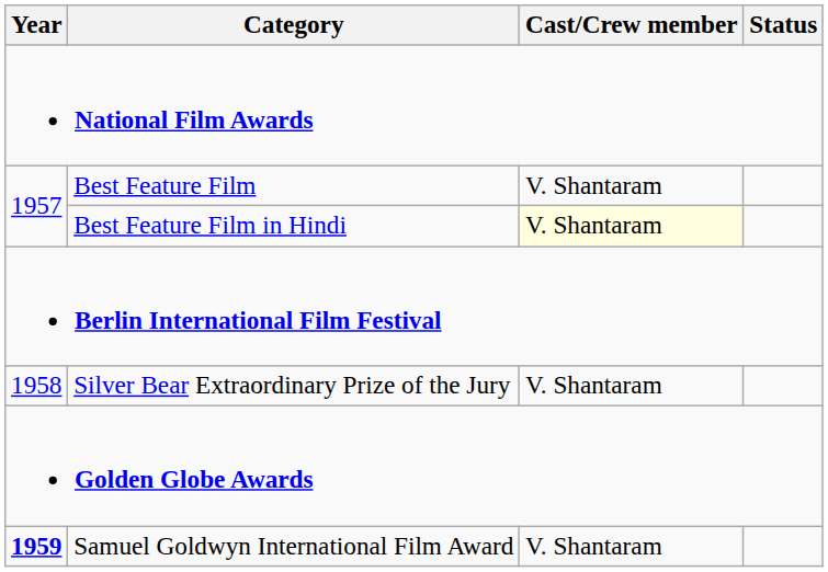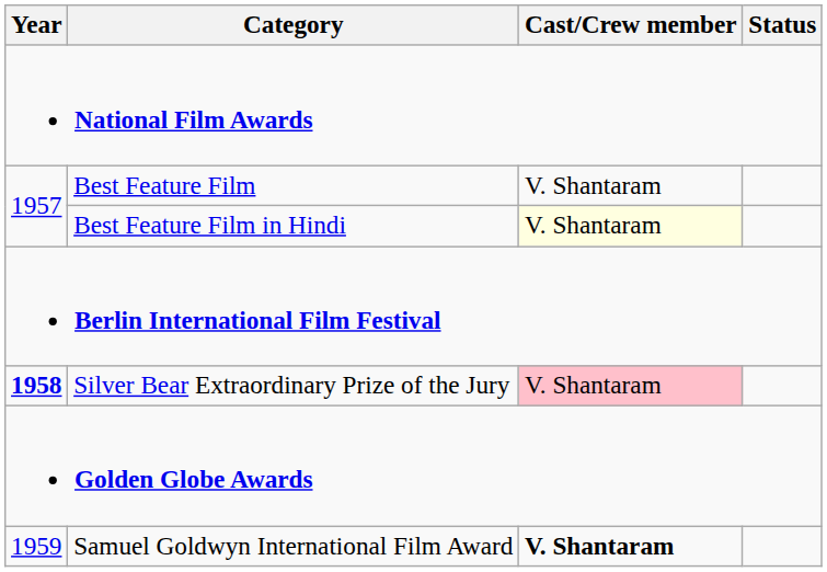 <table class="wikitable">
 <tr>
 <th>Year</th>
 <th>Category</th>
 <th>Cast/Crew member</th>
 <th>Status</th>
 </tr>
 <tr>
 <td colspan="4"><br><ul><li><strong><a href='#'>National Film Awards</a></strong></li></ul></td>
 </tr>
 <tr>
 <td rowspan="2"><a href='#'>1957</a></td>
 <td><a href='#'>Best Feature Film</a></td>
 <td>V. Shantaram</td>
 <td></td>
 </tr>
 <tr>
 <td><a href='#'>Best Feature Film in Hindi</a></td>
 <td style="background: lightyellow;">V. Shantaram</td>
 <td></td>
 </tr>
 <tr>
 <td colspan="4"><br><ul><li><strong><a href='#'>Berlin International Film Festival</a></strong></li></ul></td>
 </tr>
 <tr>
-<td><a href='#'>1958</a></td>
+<td><strong><a href='#'>1958</a></strong></td>
 <td><a href='#'>Silver Bear</a> Extraordinary Prize of the Jury</td>
-<td>V. Shantaram</td>
+<td style="background: pink;">V. Shantaram</td>
 <td></td>
 </tr>
 <tr>
 <td colspan="4"><br><ul><li><strong><a href='#'>Golden Globe Awards</a></strong></li></ul></td>
 </tr>
 <tr>
-<td><strong><a href='#'>1959</a></strong></td>
+<td><a href='#'>1959</a></td>
 <td>Samuel Goldwyn International Film Award</td>
-<td>V. Shantaram</td>
+<td><strong>V. Shantaram</strong></td>
 <td></td>
 </tr>
 </table>
